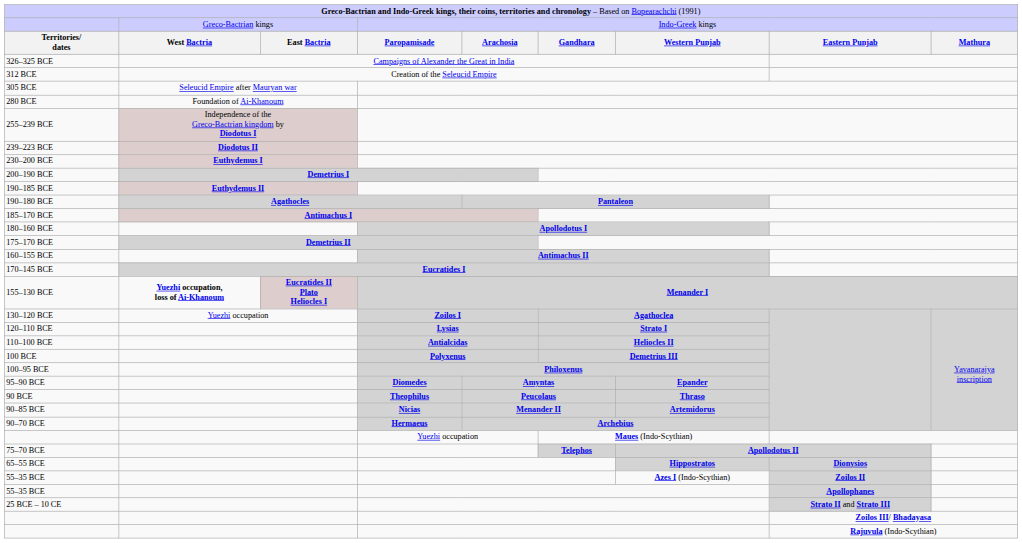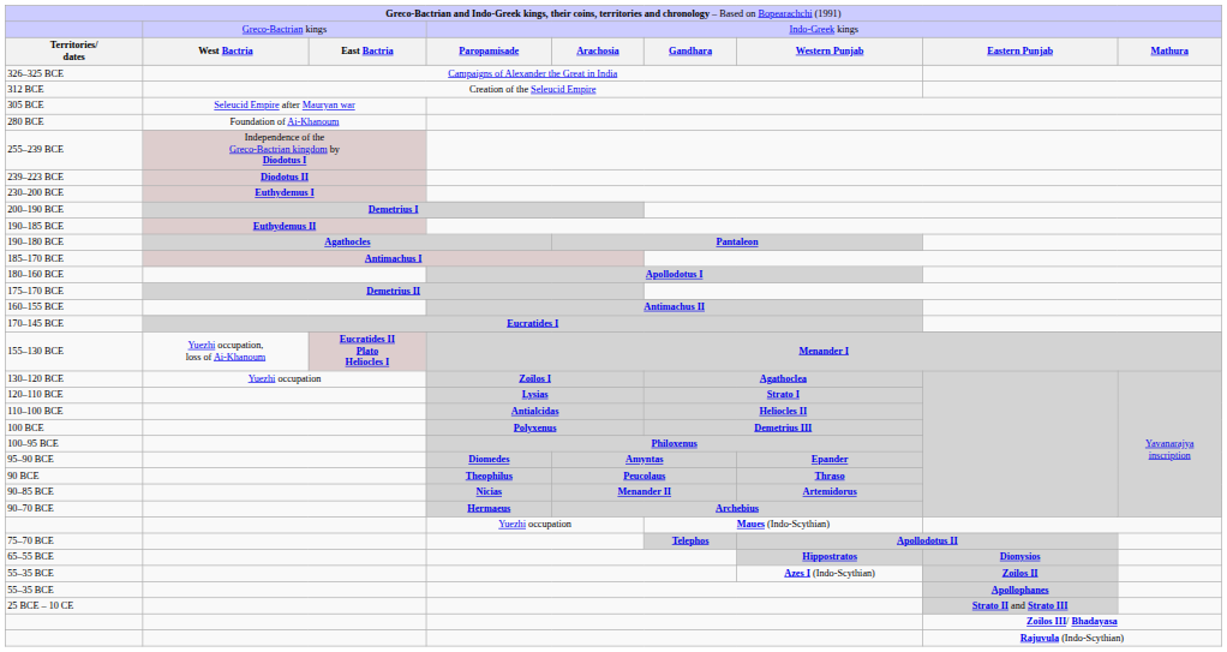 <table class="wikitable" colspan="2" style="width:100%; margin:2px 0 0 0; font-size:80%;">
 <tr>
 <td colspan="13" style="text-align:center; background:#ccf; font-size:100%;"><strong>Greco-Bactrian and Indo-Greek kings, their coins, territories and chronology</strong> – Based on <a href='#'>Bopearachchi</a> (1991)</td>
 </tr>
 <tr style="font-size:100%; text-align:center; background:#ccf;">
 <td style="text-align:center; background:#ccf; font-size:100%;"></td>
 <td colspan="2"><a href='#'>Greco-Bactrian</a> kings</td>
 <td colspan="6"><a href='#'>Indo-Greek</a> kings</td>
 </tr>
 <tr style="background-color:#cdcdcd; background-color:#cdcdcd;">
 <th>Territories/<br>dates</th>
 <th>West <a href='#'>Bactria</a></th>
 <th>East <a href='#'>Bactria</a></th>
 <th><a href='#'>Paropamisade</a><br></th>
 <th><a href='#'>Arachosia</a></th>
 <th><a href='#'>Gandhara</a></th>
 <th><a href='#'>Western Punjab</a></th>
 <th><a href='#'>Eastern Punjab</a></th>
 <th><a href='#'>Mathura</a></th>
 </tr>
 <tr>
 <td>326–325 BCE</td>
 <td style="text-align:center;" colspan="6"><a href='#'>Campaigns of Alexander the Great in India</a></td>
 <td colspan=2></td>
 </tr>
 <tr>
 <td>312 BCE</td>
 <td style="text-align:center;" colspan="6">Creation of the <a href='#'>Seleucid Empire</a></td>
 <td colspan=2></td>
 </tr>
 <tr>
 <td>305 BCE</td>
 <td style="text-align:center;" colspan="2"><a href='#'>Seleucid Empire</a> after <a href='#'>Mauryan war</a></td>
 <td colspan=6></td>
 </tr>
 <tr>
 <td>280 BCE</td>
 <td style="text-align:center;" colspan="2">Foundation of <a href='#'>Ai-Khanoum</a></td>
 <td colspan=6></td>
 </tr>
 <tr>
 <td>255–239 BCE</td>
 <td colspan="2" style="text-align:center; background:#ddcdcd;">Independence of the<br> <a href='#'>Greco-Bactrian kingdom</a> by<br><strong><a href='#'>Diodotus I</a></strong></td>
 <td colspan=6></td>
 </tr>
 <tr>
 <td>239–223 BCE</td>
 <td colspan="2" style="text-align:center; background:#ddcdcd;"><strong><a href='#'>Diodotus II</a></strong></td>
 <td colspan=6></td>
 </tr>
 <tr>
 <td>230–200 BCE</td>
 <td colspan="2" style="text-align:center; background:#ddcdcd;"><strong><a href='#'>Euthydemus I</a></strong></td>
 <td colspan=6></td>
 </tr>
 <tr>
 <td>200–190 BCE</td>
 <td colspan="4" style="text-align:center; background:#D3D3D3;"><strong><a href='#'>Demetrius I</a></strong></td>
 <td colspan=4></td>
 </tr>
 <tr>
 <td>190–185 BCE</td>
 <td colspan="2" style="text-align:center; background:#ddcdcd;"><strong><a href='#'>Euthydemus II</a></strong></td>
 <td colspan=6></td>
 </tr>
 <tr>
 <td>190–180 BCE</td>
 <td colspan="3" style="text-align:center; background:#D3D3D3;"><strong><a href='#'>Agathocles</a></strong></td>
 <td colspan="3" style="text-align:center; background:#D3D3D3;"><strong><a href='#'>Pantaleon</a></strong></td>
 <td colspan=4></td>
 </tr>
 <tr>
 <td>185–170 BCE</td>
 <td colspan="4" style="text-align:center; background:#ddcdcd;"><strong><a href='#'>Antimachus I</a></strong></td>
 <td colspan=4></td>
 </tr>
 <tr>
 <td>180–160 BCE</td>
 <td colspan=2></td>
 <td colspan="4" style="text-align:center; background:#D3D3D3;"><strong><a href='#'>Apollodotus I</a></strong></td>
 <td colspan=3></td>
 </tr>
 <tr>
 <td>175–170 BCE</td>
 <td colspan="4" style="text-align:center; background:#D3D3D3;"><strong><a href='#'>Demetrius II</a></strong></td>
 <td colspan=5></td>
 </tr>
 <tr>
 <td>160–155 BCE</td>
 <td colspan=2></td>
 <td colspan="4" style="text-align:center; background:#D3D3D3;"><strong><a href='#'>Antimachus II</a></strong></td>
 <td colspan=3></td>
 </tr>
 <tr>
 <td>170–145 BCE</td>
 <td colspan="6" style="text-align:center; background:#D3D3D3;"><strong><a href='#'>Eucratides I</a></strong></td>
 <td colspan=3></td>
 </tr>
 <tr>
 <td>155–130 BCE</td>
-<td style="text-align:center;"><strong><a href='#'>Yuezhi</a> occupation,<br>loss of <a href='#'>Ai-Khanoum</a></strong></td>
+<td style="text-align:center;"><a href='#'>Yuezhi</a> occupation,<br>loss of <a href='#'>Ai-Khanoum</a></td>
 <td style="text-align:center; background:#ddcdcd;"><strong><a href='#'>Eucratides II</a></strong><br><strong><a href='#'>Plato</a></strong><br><strong><a href='#'>Heliocles I</a></strong></td>
 <td colspan="6" style="text-align:center; background:#D3D3D3;"><strong><a href='#'>Menander I</a></strong></td>
 </tr>
 <tr>
 <td>130–120 BCE</td>
 <td style="text-align:center;" colspan="2"><a href='#'>Yuezhi</a> occupation</td>
 <td colspan="2" style="text-align:center; background:#D3D3D3;"><strong><a href='#'>Zoilos I</a></strong></td>
 <td colspan="2" style="text-align:center; background:#D3D3D3;"><strong><a href='#'>Agathoclea</a></strong></td>
 <td rowspan="9" style="background:#D3D3D3;"></td>
 <td rowspan="9" style="text-align:center; background:#D3D3D3;"><br><a href='#'>Yavanarajya<br>inscription</a></td>
 </tr>
 <tr>
 <td>120–110 BCE</td>
 <td colspan=2></td>
 <td colspan="2" style="text-align:center; background:#D3D3D3;"><strong><a href='#'>Lysias</a></strong></td>
 <td colspan="2" style="text-align:center; background:#D3D3D3;"><strong><a href='#'>Strato I</a></strong></td>
 </tr>
 <tr>
 <td>110–100 BCE</td>
 <td colspan=2></td>
 <td colspan="2" style="text-align:center; background:#D3D3D3;"><strong><a href='#'>Antialcidas</a></strong></td>
 <td colspan="2" style="text-align:center; background:#D3D3D3;"><strong><a href='#'>Heliocles II</a></strong></td>
 </tr>
 <tr>
 <td>100 BCE</td>
 <td colspan=2></td>
 <td colspan="2" style="text-align:center; background:#D3D3D3;"><strong><a href='#'>Polyxenus</a></strong></td>
 <td colspan="2" style="text-align:center; background:#D3D3D3;"><strong><a href='#'>Demetrius III</a></strong></td>
 </tr>
 <tr>
 <td>100–95 BCE</td>
 <td colspan=2></td>
 <td colspan="4" style="text-align:center; background:#D3D3D3;"><strong><a href='#'>Philoxenus</a></strong></td>
 </tr>
 <tr>
 <td>95–90 BCE</td>
 <td colspan=2></td>
 <td style="text-align:center; background:#D3D3D3;"><strong><a href='#'>Diomedes</a></strong></td>
 <td colspan="2" style="text-align:center; background:#D3D3D3;"><strong><a href='#'>Amyntas</a></strong></td>
 <td style="text-align:center; background:#D3D3D3;"><strong><a href='#'>Epander</a></strong></td>
 </tr>
 <tr>
 <td>90 BCE</td>
 <td colspan=2></td>
 <td style="text-align:center; background:#D3D3D3;"><strong><a href='#'>Theophilus</a></strong></td>
 <td colspan="2" style="text-align:center; background:#D3D3D3;"><strong><a href='#'>Peucolaus</a></strong></td>
 <td style="text-align:center; background:#D3D3D3;"><strong><a href='#'>Thraso</a></strong></td>
 </tr>
 <tr>
 <td>90–85 BCE</td>
 <td colspan=2></td>
 <td style="text-align:center; background:#D3D3D3;"><strong><a href='#'>Nicias</a></strong></td>
 <td colspan="2" style="text-align:center; background:#D3D3D3;"><strong><a href='#'>Menander II</a></strong></td>
 <td style="text-align:center; background:#D3D3D3;"><strong><a href='#'>Artemidorus</a></strong></td>
 </tr>
 <tr>
 <td>90–70 BCE</td>
 <td colspan=2></td>
 <td style="text-align:center; background:#D3D3D3;"><strong><a href='#'>Hermaeus</a></strong></td>
 <td colspan="3" style="text-align:center; background:#D3D3D3;"><strong><a href='#'>Archebius</a></strong></td>
 </tr>
 <tr>
 <td></td>
 <td colspan=2></td>
 <td style="text-align:center;" colspan="2"><a href='#'>Yuezhi</a> occupation</td>
 <td style="text-align:center;" colspan="2"><strong><a href='#'>Maues</a></strong> (Indo-Scythian)</td>
 <td colspan=2></td>
 </tr>
 <tr>
 <td>75–70 BCE</td>
 <td colspan=2></td>
 <td colspan=2></td>
 <td style="text-align:center; background:#D3D3D3;"><strong><a href='#'>Telephos</a></strong></td>
 <td colspan="2" style="text-align:center; background:#D3D3D3;"><strong><a href='#'>Apollodotus II</a></strong></td>
 <td></td>
 </tr>
 <tr>
 <td>65–55 BCE</td>
 <td colspan=2></td>
 <td colspan=3></td>
 <td style="text-align:center; background:#D3D3D3;"><strong><a href='#'>Hippostratos</a></strong></td>
 <td style="text-align:center; background:#D3D3D3;"><strong><a href='#'>Dionysios</a></strong></td>
 <td></td>
 </tr>
 <tr>
 <td>55–35 BCE</td>
 <td colspan=2></td>
 <td colspan=3></td>
 <td style="text-align:center;"><strong><a href='#'>Azes I</a></strong> (Indo-Scythian)</td>
 <td style="text-align:center; background:#D3D3D3;"><strong><a href='#'>Zoilos II</a></strong></td>
 <td></td>
 </tr>
 <tr>
 <td>55–35 BCE</td>
 <td colspan=2></td>
 <td colspan=4></td>
 <td style="text-align:center; background:#D3D3D3;"><strong><a href='#'>Apollophanes</a></strong></td>
 <td></td>
 </tr>
 <tr>
 <td>25 BCE – 10 CE</td>
 <td colspan=2></td>
 <td colspan=4></td>
 <td style="text-align:center; background:#D3D3D3;"><strong><a href='#'>Strato II</a></strong> and <strong><a href='#'>Strato III</a></strong></td>
 <td></td>
 </tr>
 <tr>
 <td></td>
 <td colspan=2></td>
 <td colspan=4></td>
 <td style="text-align:center;" colspan="2"><strong><a href='#'>Zoilos III</a></strong>/ <strong><a href='#'>Bhadayasa</a></strong></td>
 </tr>
 <tr>
 <td></td>
 <td colspan=2></td>
 <td colspan=4></td>
 <td style="text-align:center;" colspan="2"><strong><a href='#'>Rajuvula</a></strong> (Indo-Scythian)</td>
 </tr>
 </table>
